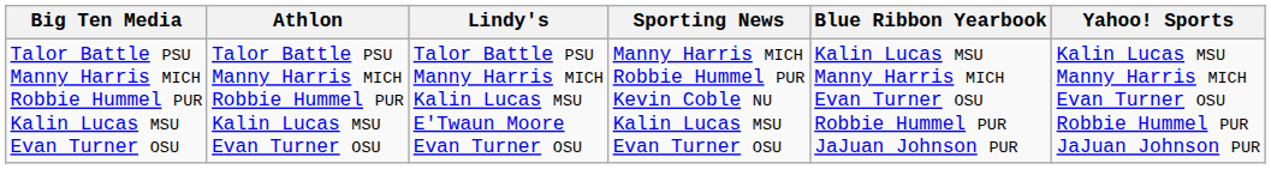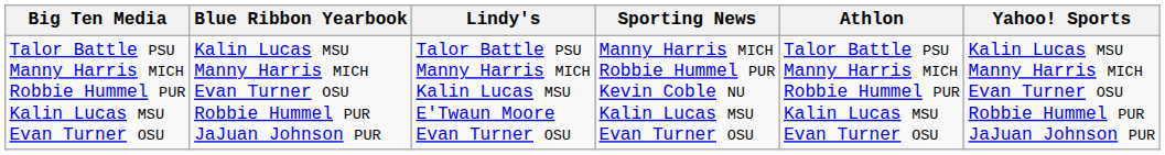 <table class="wikitable" style="white-space:nowrap; font-size:90%;">
 <tr>
 <th>Big Ten Media</th>
-<th>Athlon</th>
+<th>Blue Ribbon Yearbook</th>
 <th>Lindy's</th>
 <th>Sporting News</th>
-<th>Blue Ribbon Yearbook</th>
+<th>Athlon</th>
 <th>Yahoo! Sports</th>
 </tr>
 <tr>
 <td><a href='#'>Talor Battle</a> <small>PSU</small><br><a href='#'>Manny Harris</a> <small>MICH</small><br><a href='#'>Robbie Hummel</a> <small>PUR</small><br><a href='#'>Kalin Lucas</a> <small>MSU</small><br><a href='#'>Evan Turner</a> <small>OSU</small></td>
-<td><a href='#'>Talor Battle</a> <small>PSU</small><br><a href='#'>Manny Harris</a> <small>MICH</small><br><a href='#'>Robbie Hummel</a> <small>PUR</small><br><a href='#'>Kalin Lucas</a> <small>MSU</small><br><a href='#'>Evan Turner</a> <small>OSU</small></td>
+<td><a href='#'>Kalin Lucas</a> <small>MSU</small><br><a href='#'>Manny Harris</a> <small>MICH</small><br><a href='#'>Evan Turner</a> <small>OSU</small><br><a href='#'>Robbie Hummel</a> <small>PUR</small><br><a href='#'>JaJuan Johnson</a> <small>PUR</small></td>
 <td><a href='#'>Talor Battle</a> <small>PSU</small><br><a href='#'>Manny Harris</a> <small>MICH</small><br><a href='#'>Kalin Lucas</a> <small>MSU</small><br><a href='#'>E'Twaun Moore</a><br><a href='#'>Evan Turner</a> <small>OSU</small></td>
 <td><a href='#'>Manny Harris</a> <small>MICH</small><br><a href='#'>Robbie Hummel</a> <small>PUR</small><br><a href='#'>Kevin Coble</a> <small>NU</small><br><a href='#'>Kalin Lucas</a> <small>MSU</small><br><a href='#'>Evan Turner</a> <small>OSU</small></td>
-<td><a href='#'>Kalin Lucas</a> <small>MSU</small><br><a href='#'>Manny Harris</a> <small>MICH</small><br><a href='#'>Evan Turner</a> <small>OSU</small><br><a href='#'>Robbie Hummel</a> <small>PUR</small><br><a href='#'>JaJuan Johnson</a> <small>PUR</small></td>
+<td><a href='#'>Talor Battle</a> <small>PSU</small><br><a href='#'>Manny Harris</a> <small>MICH</small><br><a href='#'>Robbie Hummel</a> <small>PUR</small><br><a href='#'>Kalin Lucas</a> <small>MSU</small><br><a href='#'>Evan Turner</a> <small>OSU</small></td>
 <td><a href='#'>Kalin Lucas</a> <small>MSU</small><br><a href='#'>Manny Harris</a> <small>MICH</small><br><a href='#'>Evan Turner</a> <small>OSU</small><br><a href='#'>Robbie Hummel</a> <small>PUR</small><br><a href='#'>JaJuan Johnson</a> <small>PUR</small></td>
 </tr>
 </table>
